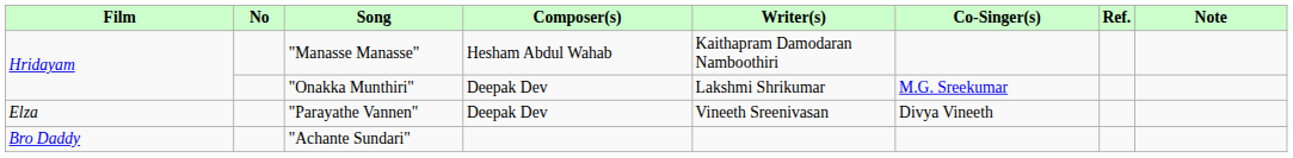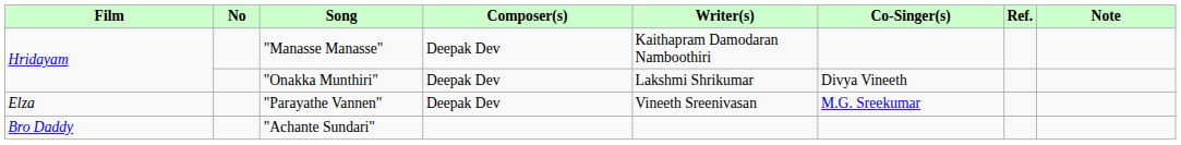 <table class="wikitable plainrowheaders" style="width:100%;" textcolor:#000;" style="align:center;">
 <tr style="background:#cfc; text-align:center;">
 <td scope="col" style="width:18%;"><strong>Film</strong></td>
 <td scope="col" style="width:4%;"><strong>No</strong></td>
 <td scope="col" style="width:14%;"><strong>Song</strong></td>
 <td scope="col" style="width:18%;"><strong>Composer(s)</strong></td>
 <td scope="col" style="width:16%;"><strong>Writer(s)</strong></td>
 <td scope="col" style="width:16%;"><strong>Co-Singer(s)</strong></td>
 <td scope="col" style="width:2%;"><strong>Ref.</strong></td>
 <td scope="col" style="width:12%;"><strong>Note</strong></td>
 </tr>
 <tr>
 <td rowspan="2"><em><a href='#'>Hridayam</a></em></td>
 <td></td>
 <td>"Manasse Manasse"</td>
-<td>Hesham Abdul Wahab</td>
+<td>Deepak Dev</td>
 <td>Kaithapram Damodaran Namboothiri</td>
 <td></td>
 <td></td>
 <td></td>
 </tr>
 <tr>
 <td></td>
 <td>"Onakka Munthiri"</td>
 <td>Deepak Dev</td>
 <td>Lakshmi Shrikumar</td>
-<td><a href='#'>M.G. Sreekumar</a></td>
+<td>Divya Vineeth</td>
 <td></td>
 <td></td>
 </tr>
 <tr>
 <td><em>Elza</em></td>
 <td></td>
 <td>"Parayathe Vannen"</td>
 <td>Deepak Dev</td>
 <td>Vineeth Sreenivasan</td>
-<td>Divya Vineeth</td>
+<td><a href='#'>M.G. Sreekumar</a></td>
 <td></td>
 <td></td>
 </tr>
 <tr>
 <td><em><a href='#'>Bro Daddy</a></em></td>
 <td></td>
 <td>"Achante Sundari"</td>
 <td></td>
 <td></td>
 <td></td>
 <td></td>
 <td></td>
 </tr>
 </table>
